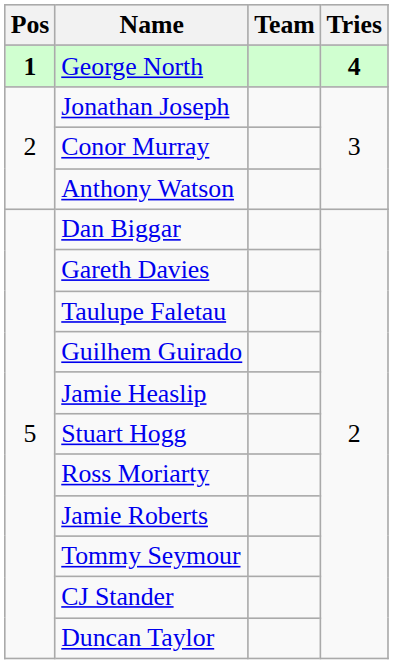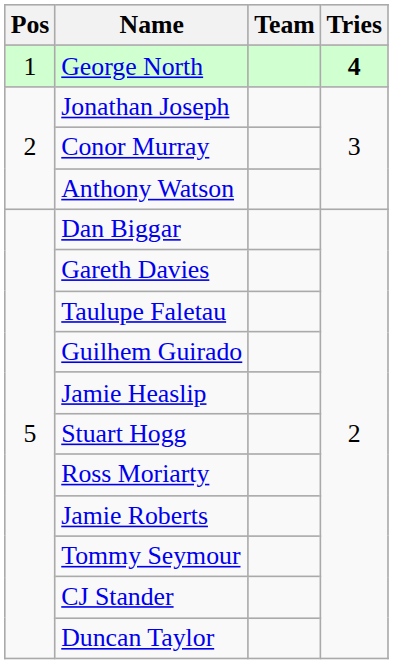 <table class="wikitable" style="text-align:center">
 <tr>
 <th>Pos</th>
 <th>Name</th>
 <th>Team</th>
 <th>Tries</th>
 </tr>
 <tr style="background:#d0ffd0">
-<td><strong>1</strong></td>
+<td>1</td>
 <td align="left"><a href='#'>George North</a></td>
 <td align="left"></td>
 <td><strong>4</strong></td>
 </tr>
 <tr>
 <td rowspan=3>2</td>
 <td align="left"><a href='#'>Jonathan Joseph</a></td>
 <td align="left"></td>
 <td rowspan=3>3</td>
 </tr>
 <tr>
 <td align="left"><a href='#'>Conor Murray</a></td>
 <td align="left"></td>
 </tr>
 <tr>
 <td align="left"><a href='#'>Anthony Watson</a></td>
 <td align="left"></td>
 </tr>
 <tr>
 <td rowspan=12>5</td>
 <td align="left"><a href='#'>Dan Biggar</a></td>
 <td align="left"></td>
 <td rowspan=12>2</td>
 </tr>
 <tr>
 <td align="left"><a href='#'>Gareth Davies</a></td>
 <td align="left"></td>
 </tr>
 <tr>
 <td align="left"><a href='#'>Taulupe Faletau</a></td>
 <td align="left"></td>
 </tr>
 <tr>
 <td align="left"><a href='#'>Guilhem Guirado</a></td>
 <td align="left"></td>
 </tr>
 <tr>
 <td align="left"><a href='#'>Jamie Heaslip</a></td>
 <td align="left"></td>
 </tr>
 <tr>
 <td align="left"><a href='#'>Stuart Hogg</a></td>
 <td align="left"></td>
 </tr>
 <tr>
 <td align="left"><a href='#'>Ross Moriarty</a></td>
 <td align="left"></td>
 </tr>
 <tr>
 <td align="left"><a href='#'>Jamie Roberts</a></td>
 <td align="left"></td>
 </tr>
 <tr>
 <td align="left"><a href='#'>Tommy Seymour</a></td>
 <td align="left"></td>
 </tr>
 <tr>
 <td align="left"><a href='#'>CJ Stander</a></td>
 <td align="left"></td>
 </tr>
 <tr>
 <td align="left"><a href='#'>Duncan Taylor</a></td>
 <td align="left"></td>
 </tr>
 </table>
